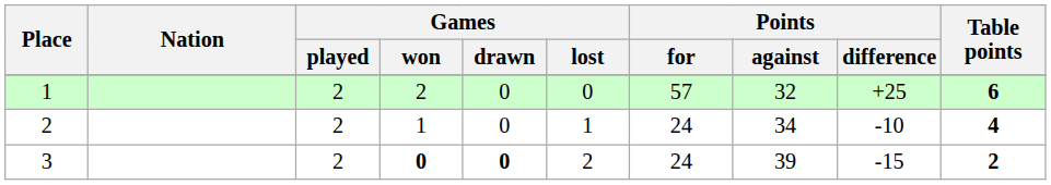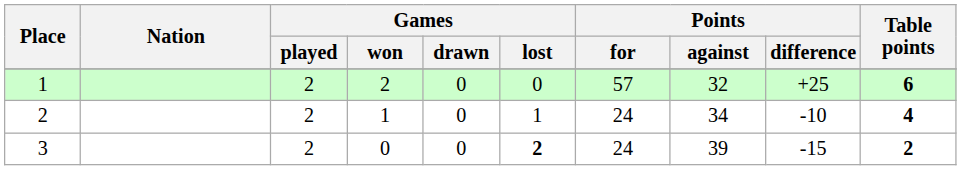 <table class="wikitable">
 <tr>
 <th rowspan=2 width="8%">Place</th>
 <th rowspan=2 width="20%">Nation</th>
 <th colspan=4 width="32%">Games</th>
 <th colspan=3 width="30%">Points</th>
 <th rowspan=2 width="10%">Table<br>points</th>
 </tr>
 <tr>
 <th width="8%">played</th>
 <th width="8%">won</th>
 <th width="8%">drawn</th>
 <th width="8%">lost</th>
 <th width="10%">for</th>
 <th width="10%">against</th>
 <th width="10%">difference</th>
 </tr>
 <tr>
 </tr>
 <tr bgcolor=#ccffcc align=center>
 <td>1</td>
 <td align=left></td>
 <td>2</td>
 <td>2</td>
 <td>0</td>
 <td>0</td>
 <td>57</td>
 <td>32</td>
 <td>+25</td>
 <td><strong>6</strong></td>
 </tr>
 <tr bgcolor=#ffffff align=center>
 <td>2</td>
 <td align=left></td>
 <td>2</td>
 <td>1</td>
 <td>0</td>
 <td>1</td>
 <td>24</td>
 <td>34</td>
 <td>-10</td>
 <td><strong>4</strong></td>
 </tr>
 <tr bgcolor=#ffffff align=center>
 <td>3</td>
 <td align=left></td>
 <td>2</td>
-<td><strong>0</strong></td>
-<td><strong>0</strong></td>
-<td>2</td>
+<td>0</td>
+<td>0</td>
+<td><strong>2</strong></td>
 <td>24</td>
 <td>39</td>
 <td>-15</td>
 <td><strong>2</strong></td>
 </tr>
 </table>
